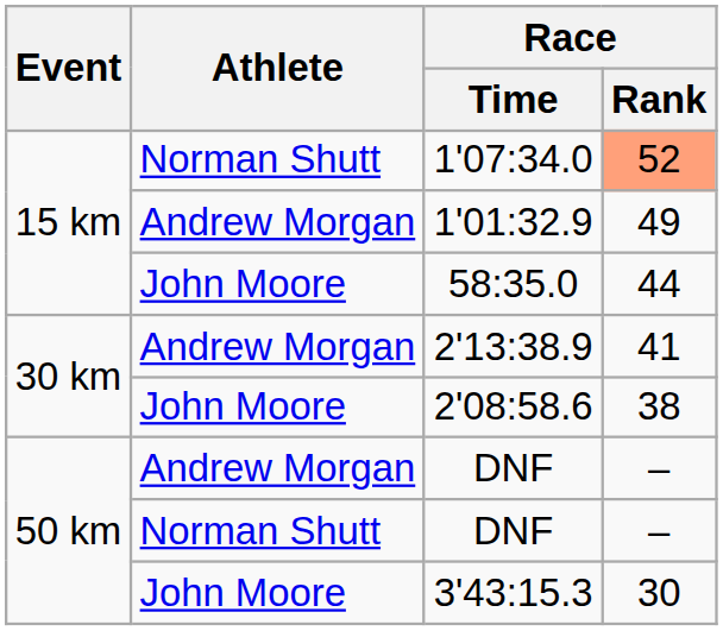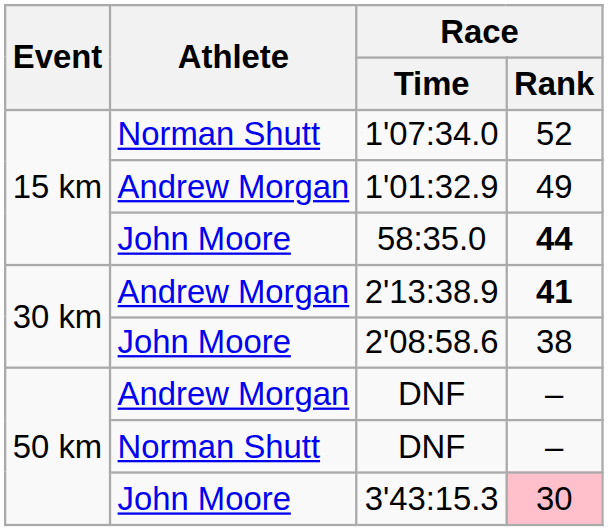 <table class="wikitable" border="1" style="font-size:90%">
 <tr>
 <th rowspan=2>Event</th>
 <th rowspan=2>Athlete</th>
 <th colspan=2>Race</th>
 </tr>
 <tr>
 <th>Time</th>
 <th>Rank</th>
 </tr>
 <tr>
 <td rowspan=3>15 km</td>
 <td><a href='#'>Norman Shutt</a></td>
 <td align=center>1'07:34.0</td>
-<td align=center style="background: lightsalmon;">52</td>
+<td align=center>52</td>
 </tr>
 <tr>
 <td><a href='#'>Andrew Morgan</a></td>
 <td align=center>1'01:32.9</td>
 <td align=center>49</td>
 </tr>
 <tr>
 <td><a href='#'>John Moore</a></td>
 <td align=center>58:35.0</td>
-<td align=center>44</td>
+<td align=center><strong>44</strong></td>
 </tr>
 <tr>
 <td rowspan=2>30 km</td>
 <td><a href='#'>Andrew Morgan</a></td>
 <td align=center>2'13:38.9</td>
-<td align=center>41</td>
+<td align=center><strong>41</strong></td>
 </tr>
 <tr>
 <td><a href='#'>John Moore</a></td>
 <td align=center>2'08:58.6</td>
 <td align=center>38</td>
 </tr>
 <tr>
 <td rowspan=3>50 km</td>
 <td><a href='#'>Andrew Morgan</a></td>
 <td align=center>DNF</td>
 <td align=center>–</td>
 </tr>
 <tr>
 <td><a href='#'>Norman Shutt</a></td>
 <td align=center>DNF</td>
 <td align=center>–</td>
 </tr>
 <tr>
 <td><a href='#'>John Moore</a></td>
 <td align=center>3'43:15.3</td>
-<td align=center>30</td>
+<td align=center style="background: pink;">30</td>
 </tr>
 </table>
